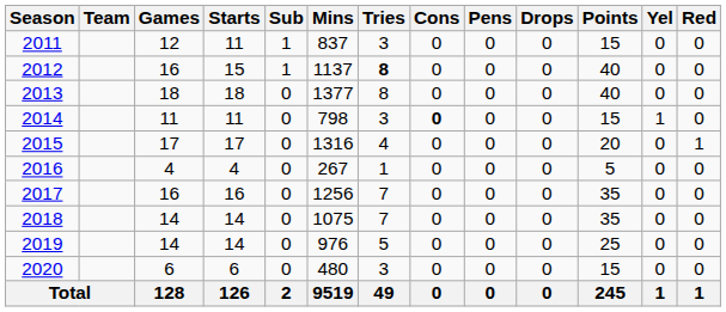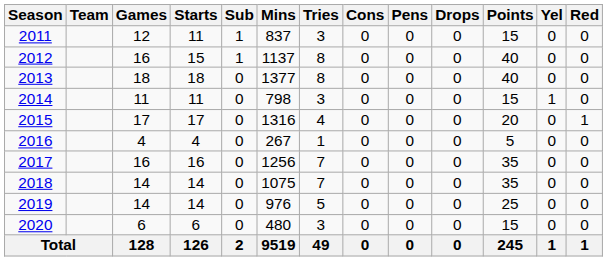 <table class="wikitable" style="text-align:center; line-height:90%; font-size:95%; width:60%;">
 <tr>
 <th>Season</th>
 <th>Team</th>
 <th>Games</th>
 <th>Starts</th>
 <th>Sub</th>
 <th>Mins</th>
 <th>Tries</th>
 <th>Cons</th>
 <th>Pens</th>
 <th>Drops</th>
 <th>Points</th>
 <th>Yel</th>
 <th>Red</th>
 </tr>
 <tr>
 <td><a href='#'>2011</a></td>
 <td></td>
 <td>12</td>
 <td>11</td>
 <td>1</td>
 <td>837</td>
 <td>3</td>
 <td>0</td>
 <td>0</td>
 <td>0</td>
 <td>15</td>
 <td>0</td>
 <td>0</td>
 </tr>
 <tr>
 <td><a href='#'>2012</a></td>
 <td></td>
 <td>16</td>
 <td>15</td>
 <td>1</td>
 <td>1137</td>
-<td><strong>8</strong></td>
+<td>8</td>
 <td>0</td>
 <td>0</td>
 <td>0</td>
 <td>40</td>
 <td>0</td>
 <td>0</td>
 </tr>
 <tr>
 <td><a href='#'>2013</a></td>
 <td></td>
 <td>18</td>
 <td>18</td>
 <td>0</td>
 <td>1377</td>
 <td>8</td>
 <td>0</td>
 <td>0</td>
 <td>0</td>
 <td>40</td>
 <td>0</td>
 <td>0</td>
 </tr>
 <tr>
 <td><a href='#'>2014</a></td>
 <td></td>
 <td>11</td>
 <td>11</td>
 <td>0</td>
 <td>798</td>
 <td>3</td>
-<td><strong>0</strong></td>
+<td>0</td>
 <td>0</td>
 <td>0</td>
 <td>15</td>
 <td>1</td>
 <td>0</td>
 </tr>
 <tr>
 <td><a href='#'>2015</a></td>
 <td></td>
 <td>17</td>
 <td>17</td>
 <td>0</td>
 <td>1316</td>
 <td>4</td>
 <td>0</td>
 <td>0</td>
 <td>0</td>
 <td>20</td>
 <td>0</td>
 <td>1</td>
 </tr>
 <tr>
 <td><a href='#'>2016</a></td>
 <td></td>
 <td>4</td>
 <td>4</td>
 <td>0</td>
 <td>267</td>
 <td>1</td>
 <td>0</td>
 <td>0</td>
 <td>0</td>
 <td>5</td>
 <td>0</td>
 <td>0</td>
 </tr>
 <tr>
 <td><a href='#'>2017</a></td>
 <td></td>
 <td>16</td>
 <td>16</td>
 <td>0</td>
 <td>1256</td>
 <td>7</td>
 <td>0</td>
 <td>0</td>
 <td>0</td>
 <td>35</td>
 <td>0</td>
 <td>0</td>
 </tr>
 <tr>
 <td><a href='#'>2018</a></td>
 <td></td>
 <td>14</td>
 <td>14</td>
 <td>0</td>
 <td>1075</td>
 <td>7</td>
 <td>0</td>
 <td>0</td>
 <td>0</td>
 <td>35</td>
 <td>0</td>
 <td>0</td>
 </tr>
 <tr>
 <td><a href='#'>2019</a></td>
 <td></td>
 <td>14</td>
 <td>14</td>
 <td>0</td>
 <td>976</td>
 <td>5</td>
 <td>0</td>
 <td>0</td>
 <td>0</td>
 <td>25</td>
 <td>0</td>
 <td>0</td>
 </tr>
 <tr>
 <td><a href='#'>2020</a></td>
 <td></td>
 <td>6</td>
 <td>6</td>
 <td>0</td>
 <td>480</td>
 <td>3</td>
 <td>0</td>
 <td>0</td>
 <td>0</td>
 <td>15</td>
 <td>0</td>
 <td>0</td>
 </tr>
 <tr>
 <th colspan="2">Total</th>
 <th>128</th>
 <th>126</th>
 <th>2</th>
 <th>9519</th>
 <th>49</th>
 <th>0</th>
 <th>0</th>
 <th>0</th>
 <th>245</th>
 <th>1</th>
 <th>1</th>
 </tr>
 </table>
